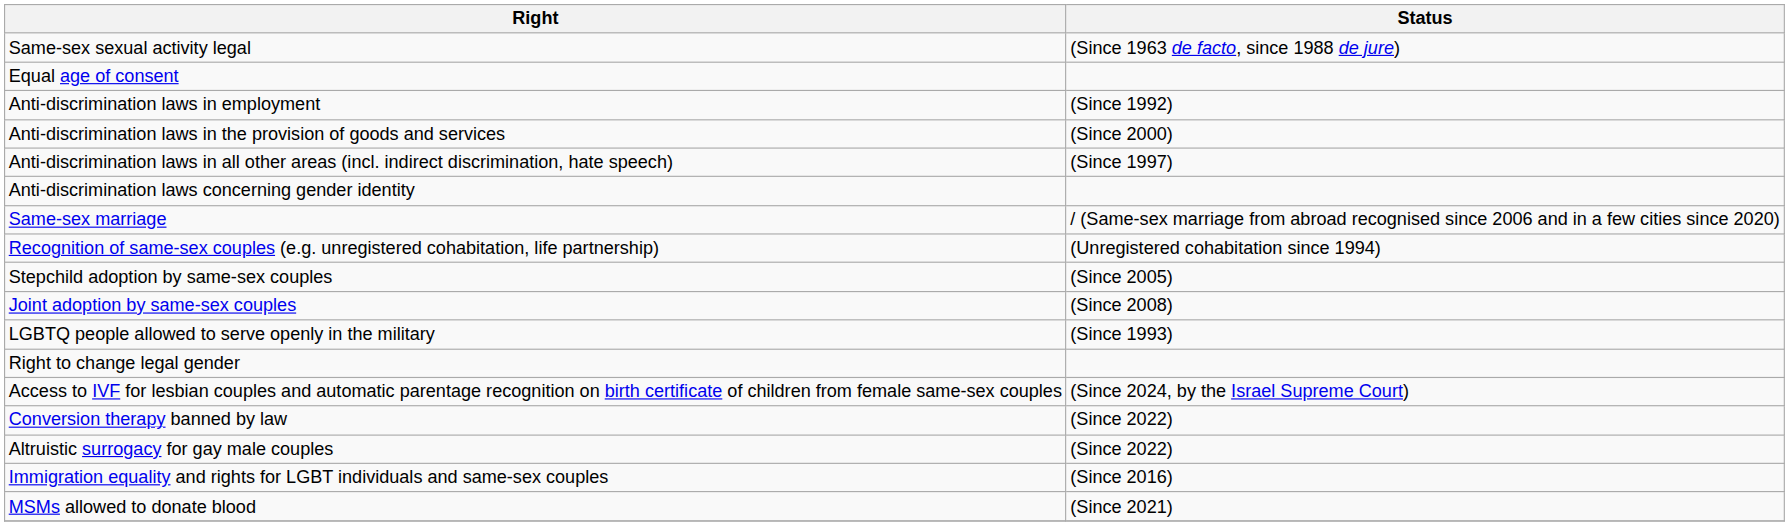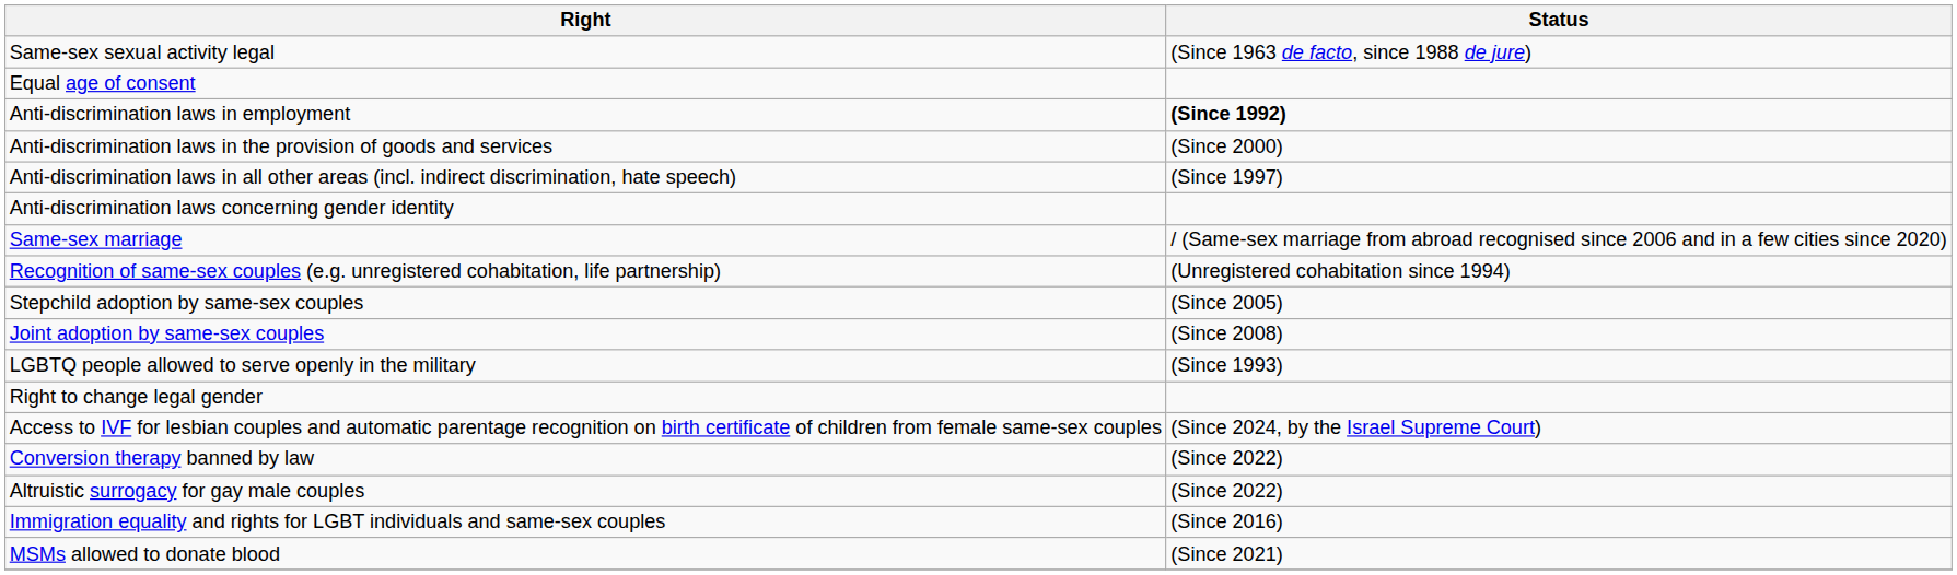 <table class="wikitable">
 <tr>
 <th>Right</th>
 <th>Status</th>
 </tr>
 <tr>
 <td>Same-sex sexual activity legal</td>
 <td> (Since 1963 <em><a href='#'>de facto</a></em>, since 1988 <em><a href='#'>de jure</a></em>)</td>
 </tr>
 <tr>
 <td>Equal <a href='#'>age of consent</a></td>
 <td></td>
 </tr>
 <tr>
 <td>Anti-discrimination laws in employment</td>
-<td> (Since 1992)</td>
+<td><strong> (Since 1992)</strong></td>
 </tr>
 <tr>
 <td>Anti-discrimination laws in the provision of goods and services</td>
 <td> (Since 2000)</td>
 </tr>
 <tr>
 <td>Anti-discrimination laws in all other areas (incl. indirect discrimination, hate speech)</td>
 <td> (Since 1997)</td>
 </tr>
 <tr>
 <td>Anti-discrimination laws concerning gender identity</td>
 <td></td>
 </tr>
 <tr>
 <td><a href='#'>Same-sex marriage</a></td>
 <td>/ (Same-sex marriage from abroad recognised since 2006 and in a few cities since 2020)</td>
 </tr>
 <tr>
 <td><a href='#'>Recognition of same-sex couples</a> (e.g. unregistered cohabitation, life partnership)</td>
 <td> (Unregistered cohabitation since 1994)</td>
 </tr>
 <tr>
 <td>Stepchild adoption by same-sex couples</td>
 <td> (Since 2005)</td>
 </tr>
 <tr>
 <td><a href='#'>Joint adoption by same-sex couples</a></td>
 <td> (Since 2008)</td>
 </tr>
 <tr>
 <td>LGBTQ people allowed to serve openly in the military</td>
 <td> (Since 1993)</td>
 </tr>
 <tr>
 <td>Right to change legal gender</td>
 <td></td>
 </tr>
 <tr>
 <td>Access to <a href='#'>IVF</a> for lesbian couples and automatic parentage recognition on <a href='#'>birth certificate</a> of children from female same-sex couples</td>
 <td> (Since 2024, by the <a href='#'>Israel Supreme Court</a>)</td>
 </tr>
 <tr>
 <td><a href='#'>Conversion therapy</a> banned by law</td>
 <td> (Since 2022)</td>
 </tr>
 <tr>
 <td>Altruistic <a href='#'>surrogacy</a> for gay male couples</td>
 <td> (Since 2022)</td>
 </tr>
 <tr>
 <td><a href='#'>Immigration equality</a> and rights for LGBT individuals and same-sex couples</td>
 <td> (Since 2016)</td>
 </tr>
 <tr>
 <td><a href='#'>MSMs</a> allowed to donate blood</td>
 <td> (Since 2021)</td>
 </tr>
 <tr>
 </tr>
 </table>
